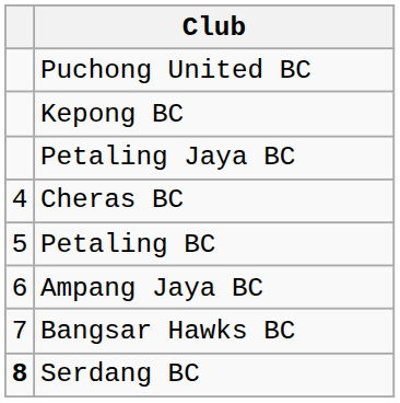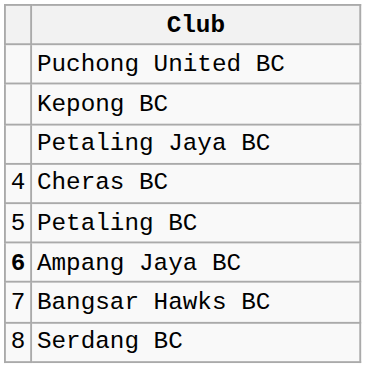 <table class="wikitable">
 <tr>
 <th></th>
 <th width="170">Club</th>
 </tr>
 <tr>
 <td align=center></td>
 <td> Puchong United BC</td>
 </tr>
 <tr>
 <td align=center></td>
 <td> Kepong BC</td>
 </tr>
 <tr>
 <td align=center></td>
 <td> Petaling Jaya BC</td>
 </tr>
 <tr>
 <td align=center>4</td>
 <td> Cheras BC</td>
 </tr>
 <tr>
 <td align=center>5</td>
 <td> Petaling BC</td>
 </tr>
 <tr>
-<td align=center>6</td>
+<td align=center><strong>6</strong></td>
 <td> Ampang Jaya BC</td>
 </tr>
 <tr>
 <td align=center>7</td>
 <td> Bangsar Hawks BC</td>
 </tr>
 <tr>
-<td align=center><strong>8</strong></td>
+<td align=center>8</td>
 <td> Serdang BC</td>
 </tr>
 </table>
